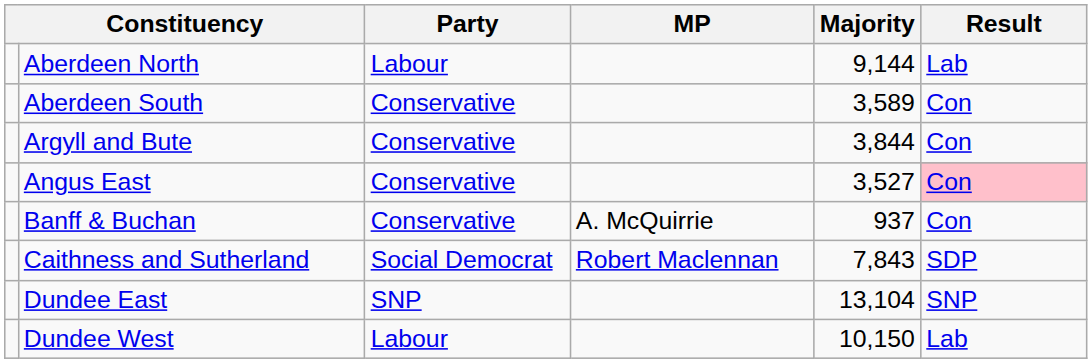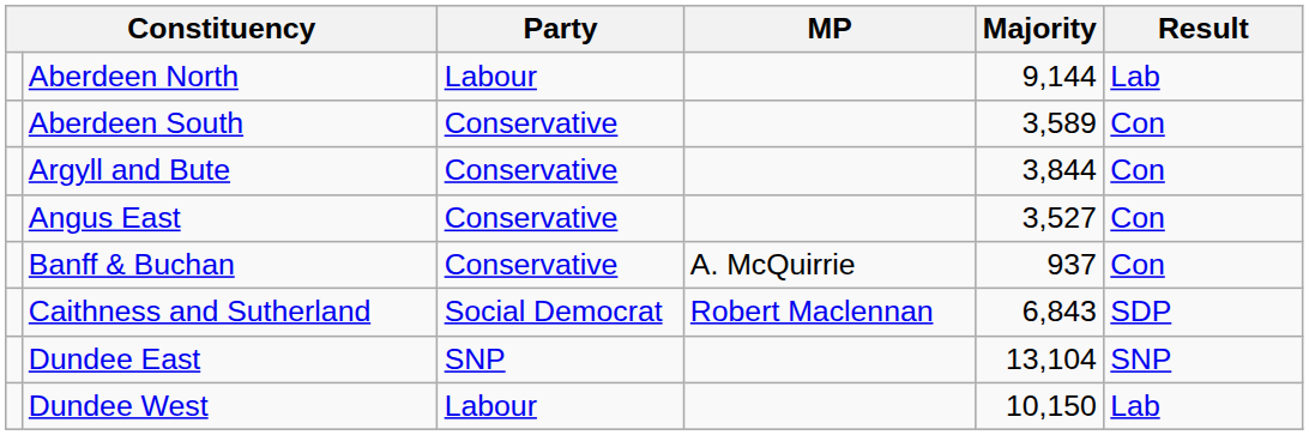 <table class="wikitable">
 <tr>
 <th colspan="2" width="225px">Constituency</th>
 <th width="125px">Party</th>
 <th width="150px">MP</th>
 <th width="60px">Majority</th>
 <th width="100px">Result</th>
 </tr>
 <tr>
 <td style="color:inherit;background:"></td>
 <td><a href='#'>Aberdeen North</a></td>
 <td align="left"><a href='#'>Labour</a></td>
 <td align="left"></td>
 <td align="right">9,144</td>
 <td align="left"><a href='#'>Lab</a></td>
 </tr>
 <tr>
 <td style="color:inherit;background:"></td>
 <td><a href='#'>Aberdeen South</a></td>
 <td align="left"><a href='#'>Conservative</a></td>
 <td align="left"></td>
 <td align="right">3,589</td>
 <td align="left"><a href='#'>Con</a></td>
 </tr>
 <tr>
 <td style="color:inherit;background:"></td>
 <td><a href='#'>Argyll and Bute</a></td>
 <td align="left"><a href='#'>Conservative</a></td>
 <td align="left"></td>
 <td align="right">3,844</td>
 <td align="left"><a href='#'>Con</a></td>
 </tr>
 <tr>
 <td style="color:inherit;background:"></td>
 <td><a href='#'>Angus East</a></td>
 <td align="left"><a href='#'>Conservative</a></td>
 <td align="left"></td>
 <td align="right">3,527</td>
-<td align="left" style="background: pink;"><a href='#'>Con</a></td>
+<td align="left"><a href='#'>Con</a></td>
 </tr>
 <tr>
 <td style="color:inherit;background:"></td>
 <td><a href='#'>Banff & Buchan</a></td>
 <td align="left"><a href='#'>Conservative</a></td>
 <td align="left">A. McQuirrie</td>
 <td align="right">937</td>
 <td align="left"><a href='#'>Con</a></td>
 </tr>
 <tr>
 <td style="color:inherit;background:"></td>
 <td><a href='#'>Caithness and Sutherland</a></td>
 <td align="left"><a href='#'>Social Democrat</a></td>
 <td align="left"><a href='#'>Robert Maclennan</a></td>
-<td align="right">7,843</td>
+<td align="right">6,843</td>
 <td align="left"><a href='#'>SDP</a></td>
 </tr>
 <tr>
 <td style="color:inherit;background:"></td>
 <td><a href='#'>Dundee East</a></td>
 <td align="left"><a href='#'>SNP</a></td>
 <td align="left"></td>
 <td align="right">13,104</td>
 <td align="left"><a href='#'>SNP</a></td>
 </tr>
 <tr>
 <td style="color:inherit;background:"></td>
 <td><a href='#'>Dundee West</a></td>
 <td align="left"><a href='#'>Labour</a></td>
 <td align="left"></td>
 <td align="right">10,150</td>
 <td align="left"><a href='#'>Lab</a></td>
 </tr>
 </table>
